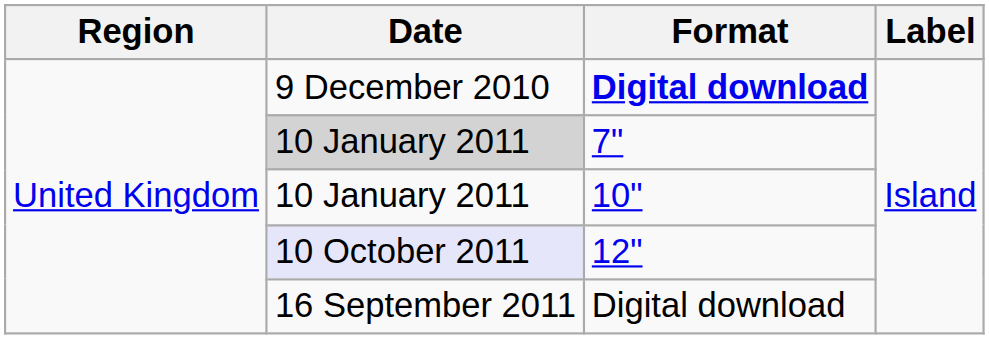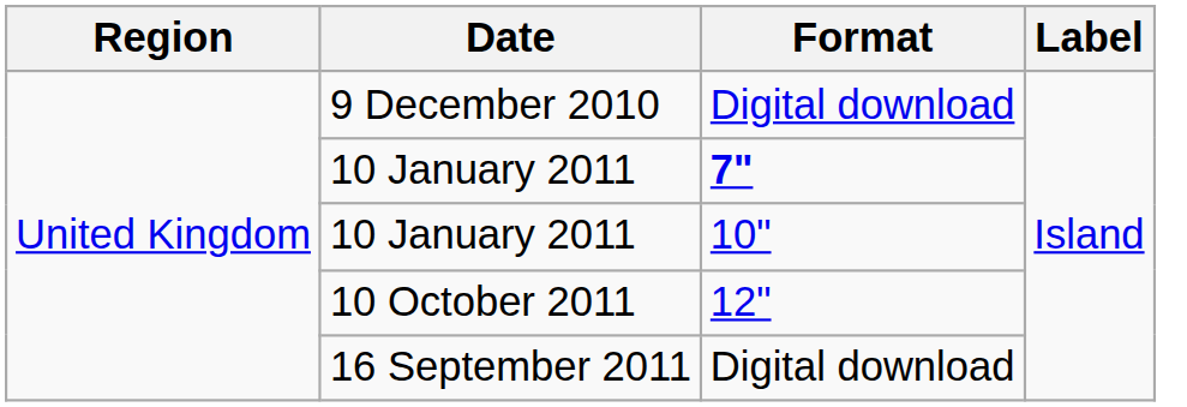 <table class=wikitable>
 <tr>
 <th>Region</th>
 <th>Date</th>
 <th>Format</th>
 <th>Label</th>
 </tr>
 <tr>
 <td rowspan="5"><a href='#'>United Kingdom</a></td>
 <td>9 December 2010 </td>
-<td><strong><a href='#'>Digital download</a></strong></td>
+<td><a href='#'>Digital download</a></td>
 <td rowspan="5"><a href='#'>Island</a></td>
 </tr>
 <tr>
-<td style="background: lightgrey;">10 January 2011 </td>
-<td><a href='#'>7"</a></td>
+<td>10 January 2011 </td>
+<td><strong><a href='#'>7"</a></strong></td>
 </tr>
 <tr>
 <td>10 January 2011 </td>
 <td><a href='#'>10"</a></td>
 </tr>
 <tr>
-<td style="background: lavender;">10 October 2011 </td>
+<td>10 October 2011 </td>
 <td><a href='#'>12"</a></td>
 </tr>
 <tr>
 <td>16 September 2011 </td>
 <td>Digital download</td>
 </tr>
 </table>
